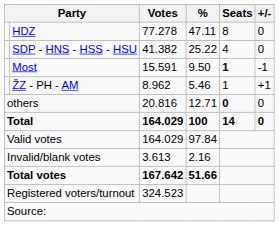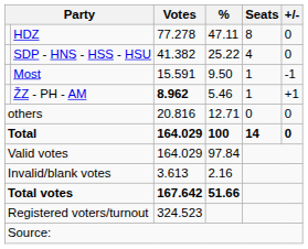 <table class="wikitable" style="text-align: left;">
 <tr>
 <th colspan="2">Party</th>
 <th>Votes</th>
 <th>%</th>
 <th>Seats</th>
 <th>+/-</th>
 </tr>
 <tr>
 <td style="background-color: "></td>
 <td><a href='#'>HDZ</a></td>
 <td>77.278</td>
 <td>47.11</td>
 <td>8</td>
 <td>0</td>
 </tr>
 <tr>
 <td style="background-color: "></td>
 <td><a href='#'>SDP</a> - <a href='#'>HNS</a> - <a href='#'>HSS</a> - <a href='#'>HSU</a></td>
 <td>41.382</td>
 <td>25.22</td>
 <td>4</td>
 <td>0</td>
 </tr>
 <tr>
 <td style="background-color: "></td>
 <td><a href='#'>Most</a></td>
 <td>15.591</td>
 <td>9.50</td>
-<td><strong>1</strong></td>
+<td>1</td>
 <td>-1</td>
 </tr>
 <tr>
 <td style="background-color: "></td>
 <td><a href='#'>ŽZ</a> - PH - <a href='#'>AM</a></td>
-<td>8.962</td>
+<td><strong>8.962</strong></td>
 <td>5.46</td>
 <td>1</td>
 <td>+1</td>
 </tr>
 <tr>
 <td colspan="2">others</td>
 <td>20.816</td>
 <td>12.71</td>
-<td><strong>0</strong></td>
+<td>0</td>
 <td>0</td>
 </tr>
 <tr>
 <td colspan="2"><strong>Total</strong></td>
 <td><strong>164.029</strong></td>
 <td><strong>100</strong></td>
 <td><strong>14</strong></td>
 <td><strong>0</strong></td>
 </tr>
 <tr>
 <td colspan="2">Valid votes</td>
 <td>164.029</td>
 <td>97.84</td>
 <td colspan="2"></td>
 </tr>
 <tr>
 <td colspan="2">Invalid/blank votes</td>
 <td>3.613</td>
 <td>2.16</td>
 <td colspan="2"></td>
 </tr>
 <tr>
 <td colspan="2"><strong>Total votes</strong></td>
 <td><strong>167.642</strong></td>
 <td><strong>51.66</strong></td>
 <td colspan="2"></td>
 </tr>
 <tr>
 <td colspan="2">Registered voters/turnout</td>
 <td votes14="5343">324.523</td>
 <td></td>
 <td colspan="2"></td>
 </tr>
 <tr>
 <td colspan="6">Source: </td>
 </tr>
 </table>
